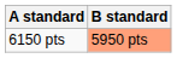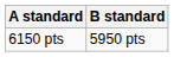 <table class="wikitable" border="1" align="upright">
 <tr>
 <th>A standard</th>
 <th>B standard</th>
 </tr>
 <tr>
 <td>6150 pts</td>
-<td style="background: lightsalmon;">5950 pts</td>
+<td>5950 pts</td>
 </tr>
 </table>
